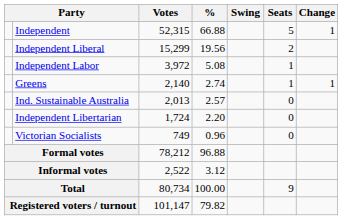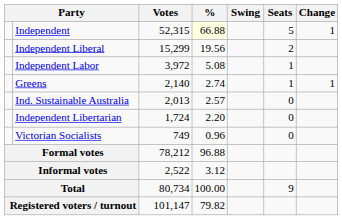 <table class="wikitable" style="text-align:right; margin-bottom:0">
 <tr>
 <th colspan="3" style="width:10px">Party</th>
 <th style="width:70px;">Votes</th>
 <th style="width:40px;">%</th>
 <th style="width:40px;">Swing</th>
 <th style="width:40px;">Seats</th>
 <th style="width:40px;">Change</th>
 </tr>
 <tr>
 <td> </td>
 <td colspan="2" style="text-align:left;"><a href='#'>Independent</a></td>
 <td style="width:70px;">52,315</td>
-<td style="width:40px;">66.88</td>
+<td style="background: lightyellow; width:40px;">66.88</td>
 <td style="width:45px;"></td>
 <td style="width:40px;">5</td>
 <td style="width:40px;"> 1</td>
 </tr>
 <tr>
 <td> </td>
 <td colspan="2" style="text-align:left;"><a href='#'>Independent Liberal</a></td>
 <td>15,299</td>
 <td>19.56</td>
 <td></td>
 <td>2</td>
 <td></td>
 </tr>
 <tr>
 <td> </td>
 <td colspan="2" style="text-align:left;"><a href='#'>Independent Labor</a></td>
 <td>3,972</td>
 <td>5.08</td>
 <td></td>
 <td>1</td>
 <td></td>
 </tr>
 <tr>
 <td> </td>
 <td colspan="2" style="text-align:left;"><a href='#'>Greens</a></td>
 <td>2,140</td>
 <td>2.74</td>
 <td></td>
 <td>1</td>
 <td> 1</td>
 </tr>
 <tr>
 <td> </td>
 <td colspan="2" style="text-align:left;"><a href='#'>Ind. Sustainable Australia</a></td>
 <td>2,013</td>
 <td>2.57</td>
 <td></td>
 <td>0</td>
 <td></td>
 </tr>
 <tr>
 <td> </td>
 <td colspan="2" style="text-align:left;"><a href='#'>Independent Libertarian</a></td>
 <td>1,724</td>
 <td>2.20</td>
 <td></td>
 <td>0</td>
 <td></td>
 </tr>
 <tr>
 <td> </td>
 <td colspan="2" style="text-align:left;"><a href='#'>Victorian Socialists</a></td>
 <td>749</td>
 <td>0.96</td>
 <td></td>
 <td>0</td>
 <td></td>
 </tr>
 <tr>
 <th colspan="3" rowspan="1"> Formal votes</th>
 <td>78,212</td>
 <td>96.88</td>
 <td></td>
 <td></td>
 <td></td>
 </tr>
 <tr>
 <th colspan="3" rowspan="1"> Informal votes</th>
 <td>2,522</td>
 <td>3.12</td>
 <td></td>
 <td></td>
 <td></td>
 </tr>
 <tr>
 <th colspan="3" rowspan="1"> Total</th>
 <td>80,734</td>
 <td>100.00</td>
 <td></td>
 <td>9</td>
 <td></td>
 </tr>
 <tr>
 <th colspan="3" rowspan="1"> Registered voters / turnout</th>
 <td>101,147</td>
 <td>79.82</td>
 <td></td>
 <td></td>
 <td></td>
 </tr>
 </table>
